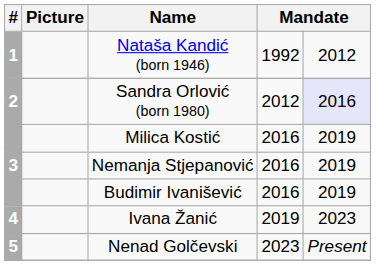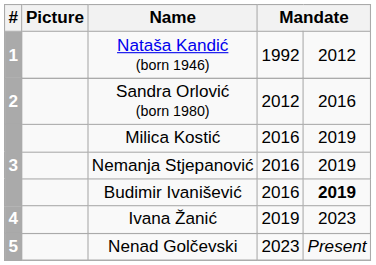 <table class="wikitable" style="text-align:center">
 <tr ->
 <th>#</th>
 <th>Picture</th>
 <th>Name</th>
 <th colspan=3>Mandate</th>
 </tr>
 <tr ->
 <th style="background:#AAAAAA; color:white;">1</th>
 <td></td>
 <td><a href='#'>Nataša Kandić</a><br><small>(born 1946)</small></td>
 <td>1992</td>
 <td>2012</td>
 </tr>
 <tr ->
 </tr>
 <tr ->
 <th style="background:#AAAAAA; color:white;">2</th>
 <td></td>
 <td>Sandra Orlović<br><small>(born 1980)</small></td>
 <td>2012</td>
-<td style="background: lavender;">2016</td>
+<td>2016</td>
 </tr>
 <tr ->
 <th rowspan=3 style="background:#AAAAAA; color:white;">3</th>
 <td></td>
 <td>Milica Kostić</td>
 <td>2016</td>
 <td>2019</td>
 </tr>
 <tr ->
 <td></td>
 <td>Nemanja Stjepanović</td>
 <td>2016</td>
 <td>2019</td>
 </tr>
 <tr ->
 <td></td>
 <td>Budimir Ivanišević</td>
 <td>2016</td>
-<td>2019</td>
+<td><strong>2019</strong></td>
 </tr>
 <tr ->
 <th style="background:#AAAAAA; color:white;">4</th>
 <td></td>
 <td>Ivana Žanić</td>
 <td>2019</td>
 <td>2023</td>
 </tr>
 <tr ->
 </tr>
 <tr ->
 <th style="background:#AAAAAA; color:white;">5</th>
 <td></td>
 <td>Nenad Golčevski</td>
 <td>2023</td>
 <td><em>Present</em></td>
 </tr>
 <tr ->
 </tr>
 </table>
